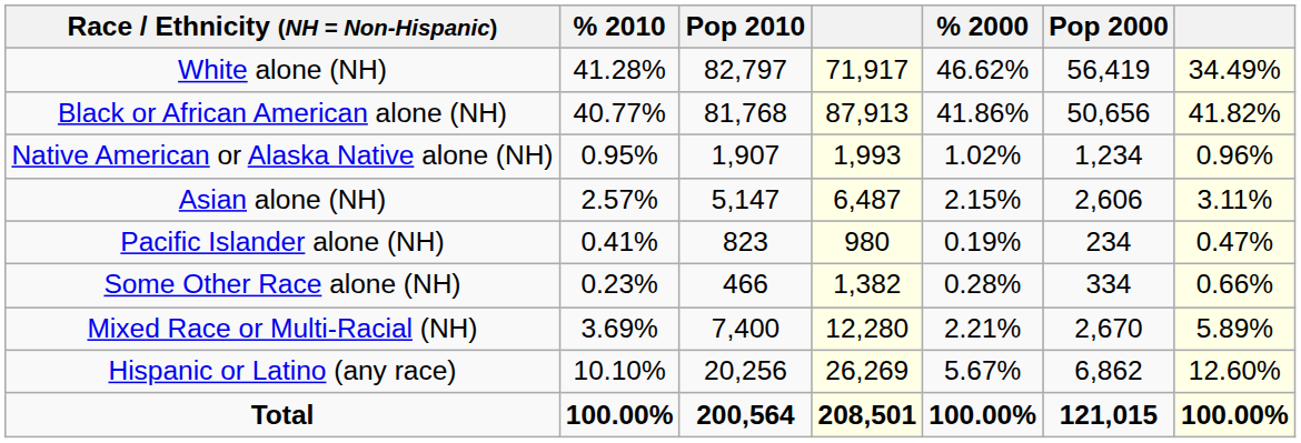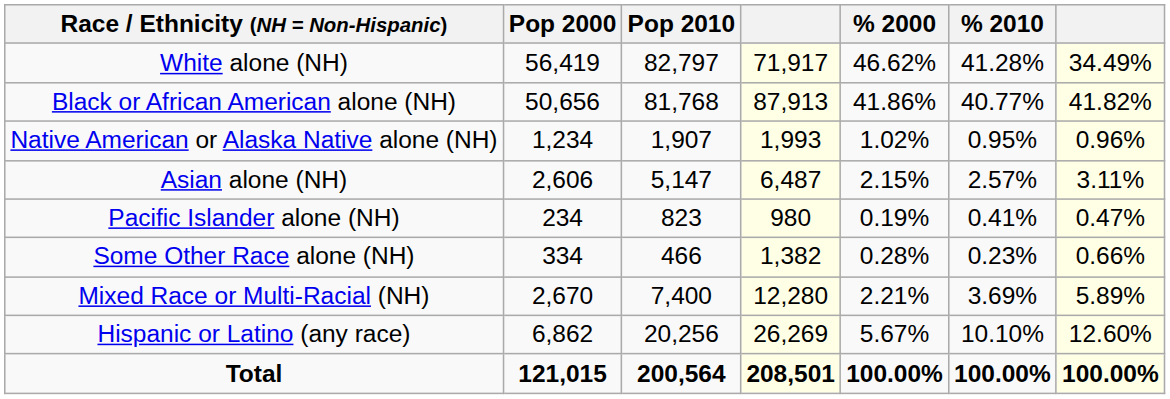 <table class="wikitable" style="text-align:center;">
 <tr>
 <th>Race / Ethnicity <small>(<em>NH = Non-Hispanic</em>)</small></th>
-<th>% 2010</th>
+<th>Pop 2000</th>
 <th>Pop 2010</th>
 <th></th>
 <th>% 2000</th>
-<th>Pop 2000</th>
+<th>% 2010</th>
 <th></th>
 </tr>
 <tr>
 <td><a href='#'>White</a> alone (NH)</td>
-<td>41.28%</td>
+<td>56,419</td>
 <td>82,797</td>
 <td style='background: #ffffe6;'>71,917</td>
 <td>46.62%</td>
-<td>56,419</td>
+<td>41.28%</td>
 <td style='background: #ffffe6;'>34.49%</td>
 </tr>
 <tr>
 <td><a href='#'>Black or African American</a> alone (NH)</td>
-<td>40.77%</td>
+<td>50,656</td>
 <td>81,768</td>
 <td style='background: #ffffe6;'>87,913</td>
 <td>41.86%</td>
-<td>50,656</td>
+<td>40.77%</td>
 <td style='background: #ffffe6;'>41.82%</td>
 </tr>
 <tr>
 <td><a href='#'>Native American</a> or <a href='#'>Alaska Native</a> alone (NH)</td>
-<td>0.95%</td>
+<td>1,234</td>
 <td>1,907</td>
 <td style='background: #ffffe6;'>1,993</td>
 <td>1.02%</td>
-<td>1,234</td>
+<td>0.95%</td>
 <td style='background: #ffffe6;'>0.96%</td>
 </tr>
 <tr>
 <td><a href='#'>Asian</a> alone (NH)</td>
-<td>2.57%</td>
+<td>2,606</td>
 <td>5,147</td>
 <td style='background: #ffffe6;'>6,487</td>
 <td>2.15%</td>
-<td>2,606</td>
+<td>2.57%</td>
 <td style='background: #ffffe6;'>3.11%</td>
 </tr>
 <tr>
 <td><a href='#'>Pacific Islander</a> alone (NH)</td>
-<td>0.41%</td>
+<td>234</td>
 <td>823</td>
 <td style='background: #ffffe6;'>980</td>
 <td>0.19%</td>
-<td>234</td>
+<td>0.41%</td>
 <td style='background: #ffffe6;'>0.47%</td>
 </tr>
 <tr>
 <td><a href='#'>Some Other Race</a> alone (NH)</td>
-<td>0.23%</td>
+<td>334</td>
 <td>466</td>
 <td style='background: #ffffe6;'>1,382</td>
 <td>0.28%</td>
-<td>334</td>
+<td>0.23%</td>
 <td style='background: #ffffe6;'>0.66%</td>
 </tr>
 <tr>
 <td><a href='#'>Mixed Race or Multi-Racial</a> (NH)</td>
-<td>3.69%</td>
+<td>2,670</td>
 <td>7,400</td>
 <td style='background: #ffffe6;'>12,280</td>
 <td>2.21%</td>
-<td>2,670</td>
+<td>3.69%</td>
 <td style='background: #ffffe6;'>5.89%</td>
 </tr>
 <tr>
 <td><a href='#'>Hispanic or Latino</a> (any race)</td>
-<td>10.10%</td>
+<td>6,862</td>
 <td>20,256</td>
 <td style='background: #ffffe6;'>26,269</td>
 <td>5.67%</td>
-<td>6,862</td>
+<td>10.10%</td>
 <td style='background: #ffffe6;'>12.60%</td>
 </tr>
 <tr>
 <td><strong>Total</strong></td>
-<td><strong>100.00%</strong></td>
+<td><strong>121,015</strong></td>
 <td><strong>200,564</strong></td>
 <td style='background: #ffffe6;'><strong>208,501</strong></td>
 <td><strong>100.00%</strong></td>
-<td><strong>121,015</strong></td>
+<td><strong>100.00%</strong></td>
 <td style='background: #ffffe6;'><strong>100.00%</strong></td>
 </tr>
 </table>
